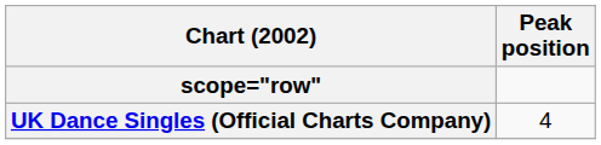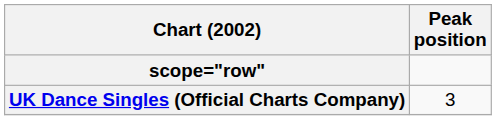 <table class="wikitable plainrowheaders" style="text-align:center">
 <tr>
 <th>Chart (2002)</th>
 <th>Peak<br>position</th>
 </tr>
 <tr>
 <th>scope="row"</th>
 </tr>
 <tr>
 <th scope="row"><a href='#'>UK Dance Singles</a> (Official Charts Company)</th>
-<td>4</td>
+<td>3</td>
 </tr>
 <tr>
 </tr>
 </table>
